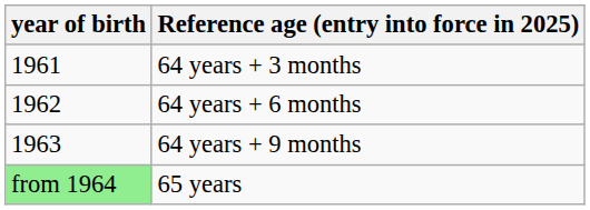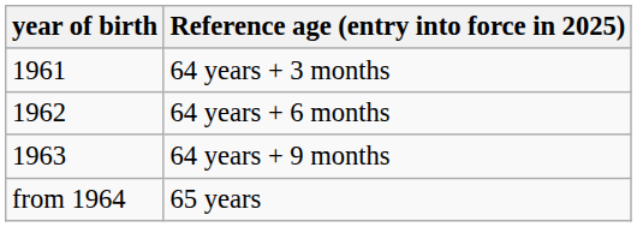 <table class="wikitable">
 <tr>
 <th>year of birth</th>
 <th>Reference age (entry into force in 2025)</th>
 </tr>
 <tr>
 <td>1961</td>
 <td>64 years + 3 months</td>
 </tr>
 <tr>
 <td>1962</td>
 <td>64 years + 6 months</td>
 </tr>
 <tr>
 <td>1963</td>
 <td>64 years + 9 months</td>
 </tr>
 <tr>
-<td style="background: lightgreen;">from 1964</td>
+<td>from 1964</td>
 <td>65 years</td>
 </tr>
 </table>
